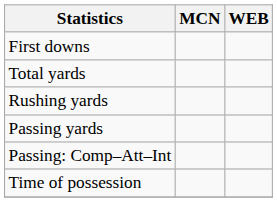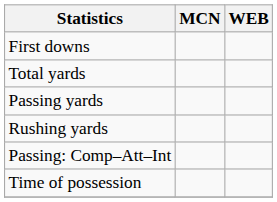 <table class="wikitable" style="float: left;">
 <tr>
 <th>Statistics</th>
 <th>MCN</th>
 <th>WEB</th>
 </tr>
 <tr>
 <td>First downs</td>
 <td></td>
 <td></td>
 </tr>
 <tr>
 <td>Total yards</td>
 <td></td>
 <td></td>
 </tr>
 <tr>
-<td>Rushing yards</td>
+<td>Passing yards</td>
 <td></td>
 <td></td>
 </tr>
 <tr>
-<td>Passing yards</td>
+<td>Rushing yards</td>
 <td></td>
 <td></td>
 </tr>
 <tr>
 <td>Passing: Comp–Att–Int</td>
 <td></td>
 <td></td>
 </tr>
 <tr>
 <td>Time of possession</td>
 <td></td>
 <td></td>
 </tr>
 <tr>
 </tr>
 </table>
